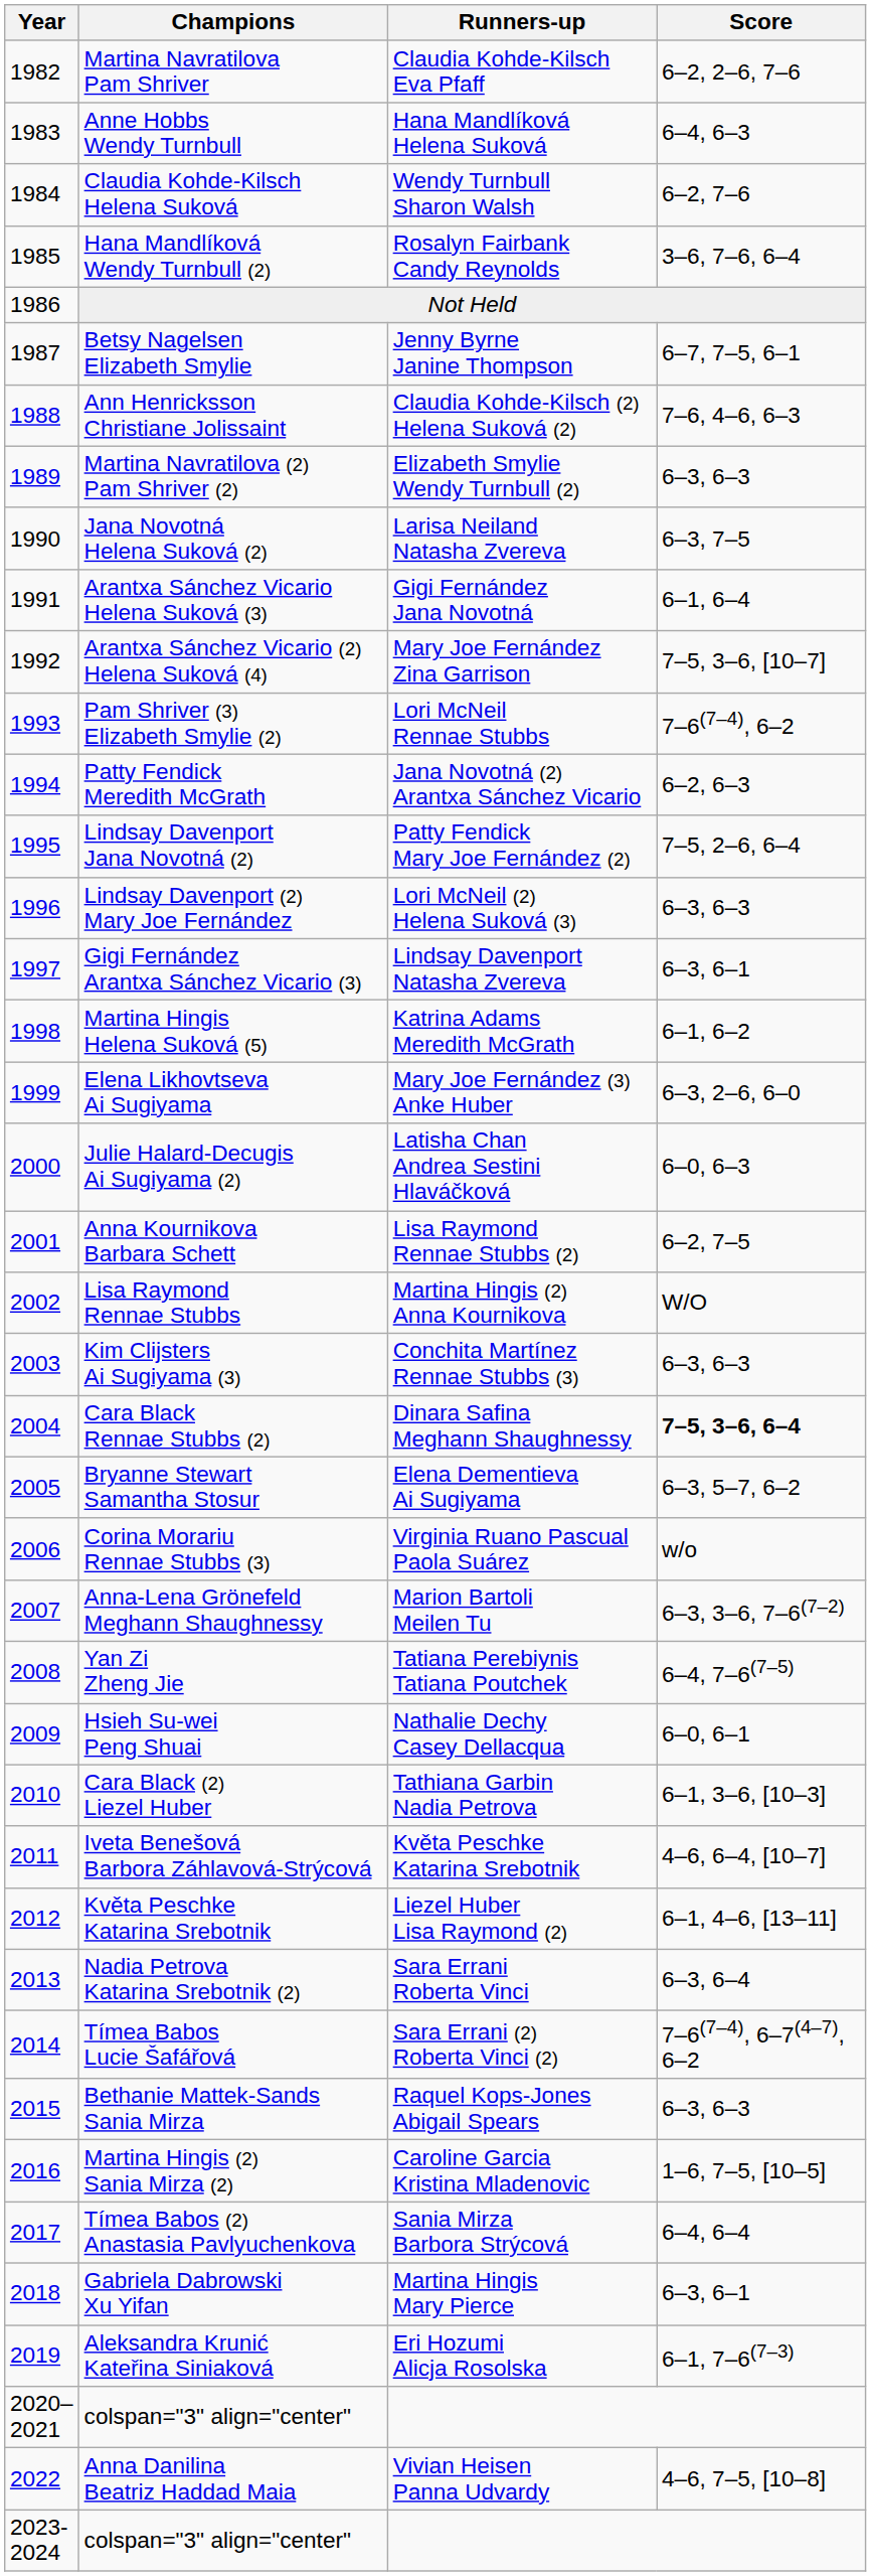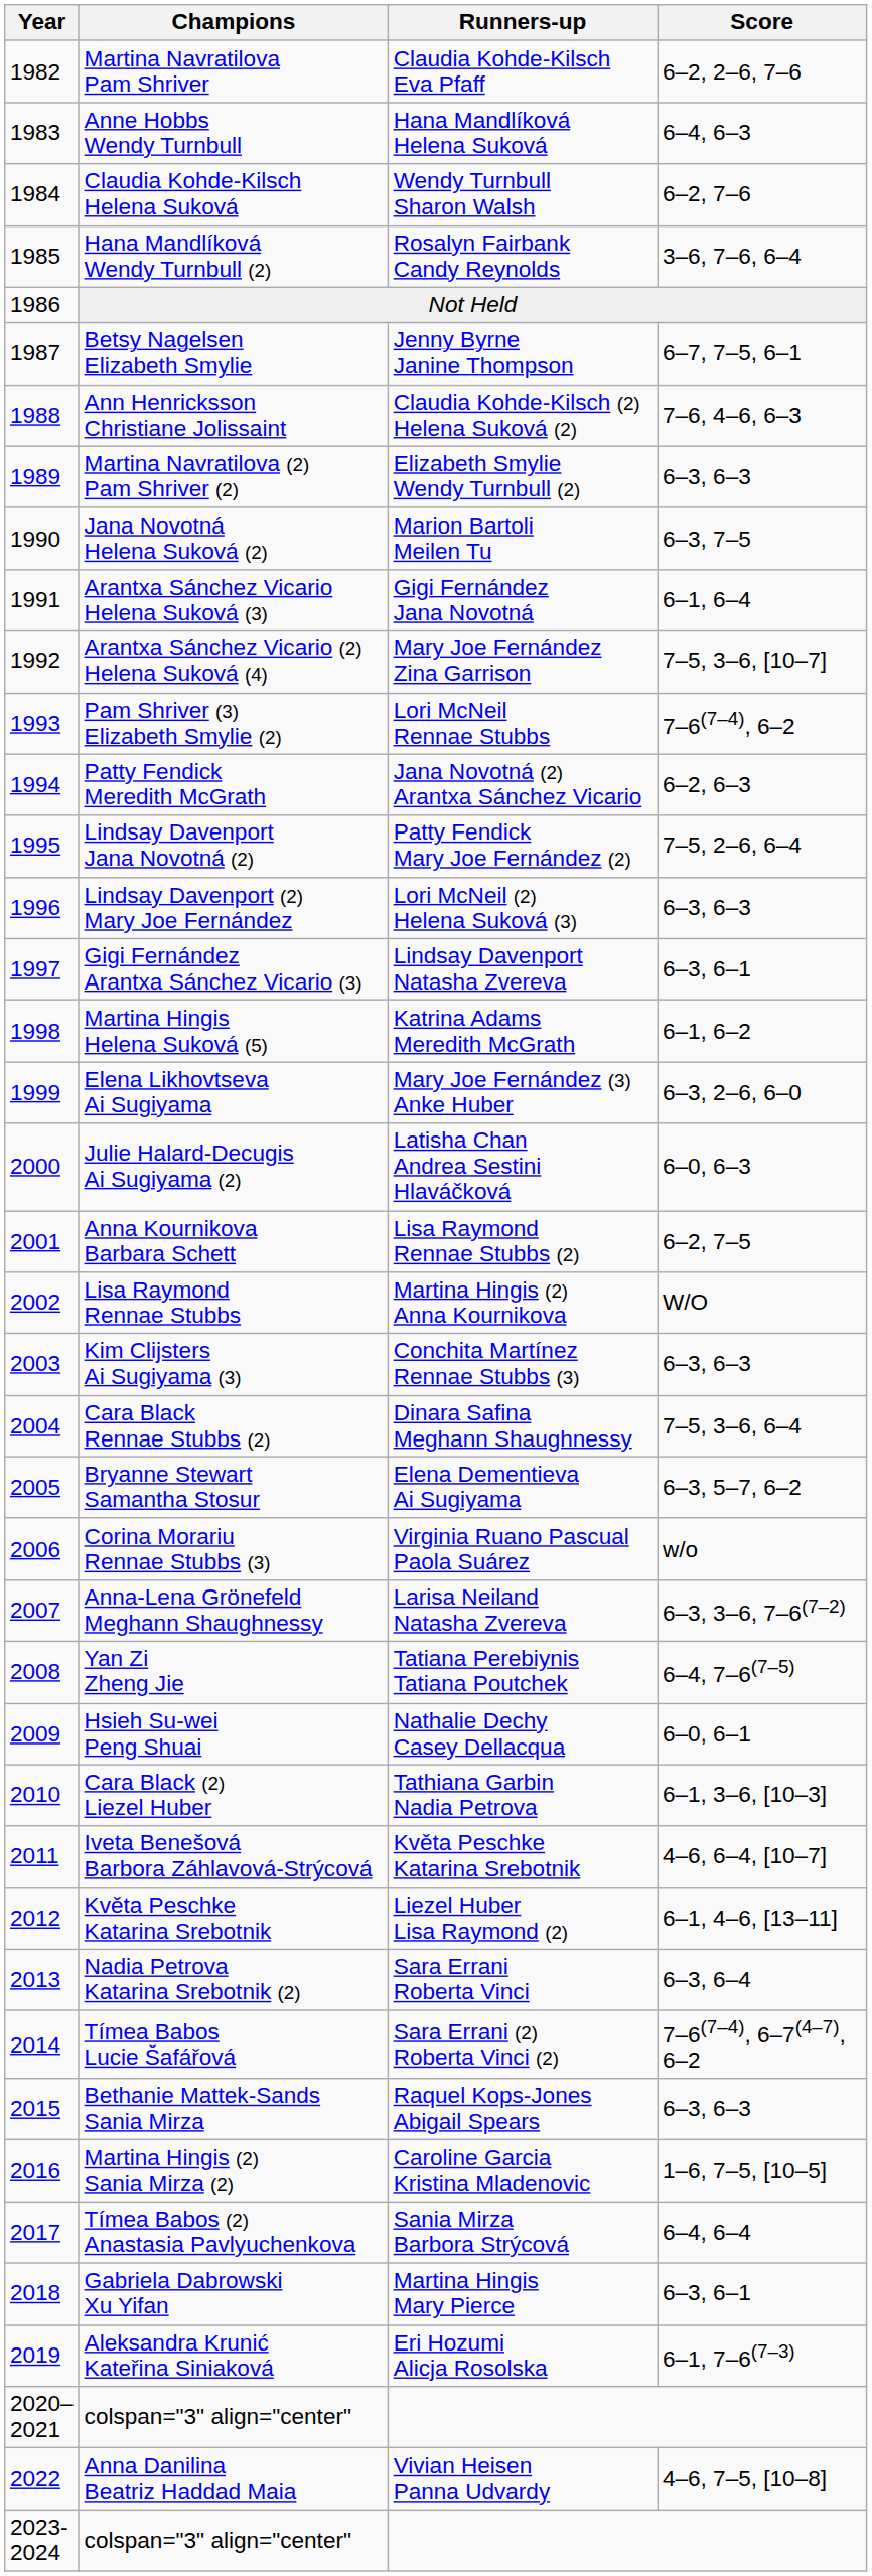 <table class="wikitable">
 <tr>
 <th style="width:45px">Year</th>
 <th style="width:230px">Champions</th>
 <th style="width:200px">Runners-up</th>
 <th style="width:160px" class="unsortable">Score</th>
 </tr>
 <tr>
 <td>1982</td>
 <td> <a href='#'>Martina Navratilova</a> <br> <a href='#'>Pam Shriver</a></td>
 <td> <a href='#'>Claudia Kohde-Kilsch</a> <br> <a href='#'>Eva Pfaff</a></td>
 <td>6–2, 2–6, 7–6</td>
 </tr>
 <tr>
 <td>1983</td>
 <td> <a href='#'>Anne Hobbs</a><br> <a href='#'>Wendy Turnbull</a></td>
 <td> <a href='#'>Hana Mandlíková</a><br> <a href='#'>Helena Suková</a></td>
 <td>6–4, 6–3</td>
 </tr>
 <tr>
 <td>1984</td>
 <td> <a href='#'>Claudia Kohde-Kilsch</a><br> <a href='#'>Helena Suková</a></td>
 <td> <a href='#'>Wendy Turnbull</a> <br> <a href='#'>Sharon Walsh</a></td>
 <td>6–2, 7–6</td>
 </tr>
 <tr>
 <td>1985</td>
 <td> <a href='#'>Hana Mandlíková</a><br> <a href='#'>Wendy Turnbull</a> <small>(2)</small></td>
 <td> <a href='#'>Rosalyn Fairbank</a><br>   <a href='#'>Candy Reynolds</a></td>
 <td>3–6, 7–6, 6–4</td>
 </tr>
 <tr>
 <td>1986</td>
 <td colspan=3 align=center style="background:#efefef"><em>Not Held</em></td>
 </tr>
 <tr>
 <td>1987</td>
 <td> <a href='#'>Betsy Nagelsen</a><br>  <a href='#'>Elizabeth Smylie</a></td>
 <td> <a href='#'>Jenny Byrne</a><br> <a href='#'>Janine Thompson</a></td>
 <td>6–7, 7–5, 6–1</td>
 </tr>
 <tr>
 <td><a href='#'>1988</a></td>
 <td> <a href='#'>Ann Henricksson</a><br> <a href='#'>Christiane Jolissaint</a></td>
 <td> <a href='#'>Claudia Kohde-Kilsch</a> <small>(2)</small> <br> <a href='#'>Helena Suková</a> <small>(2)</small></td>
 <td>7–6, 4–6, 6–3</td>
 </tr>
 <tr>
 <td><a href='#'>1989</a></td>
 <td> <a href='#'>Martina Navratilova</a> <small>(2)</small> <br> <a href='#'>Pam Shriver</a> <small>(2)</small></td>
 <td> <a href='#'>Elizabeth Smylie</a><br> <a href='#'>Wendy Turnbull</a> <small>(2)</small></td>
 <td>6–3, 6–3</td>
 </tr>
 <tr>
 <td>1990</td>
 <td> <a href='#'>Jana Novotná</a> <br> <a href='#'>Helena Suková</a> <small>(2)</small></td>
-<td> <a href='#'>Larisa Neiland</a><br> <a href='#'>Natasha Zvereva</a></td>
+<td> <a href='#'>Marion Bartoli</a><br> <a href='#'>Meilen Tu</a></td>
 <td>6–3, 7–5</td>
 </tr>
 <tr>
 <td>1991</td>
 <td> <a href='#'>Arantxa Sánchez Vicario</a> <br> <a href='#'>Helena Suková</a> <small>(3)</small></td>
 <td> <a href='#'>Gigi Fernández</a><br>  <a href='#'>Jana Novotná</a></td>
 <td>6–1, 6–4</td>
 </tr>
 <tr>
 <td>1992</td>
 <td> <a href='#'>Arantxa Sánchez Vicario</a> <small>(2)</small> <br> <a href='#'>Helena Suková</a> <small>(4)</small></td>
 <td> <a href='#'>Mary Joe Fernández</a> <br> <a href='#'>Zina Garrison</a></td>
 <td>7–5, 3–6, [10–7]</td>
 </tr>
 <tr>
 <td><a href='#'>1993</a></td>
 <td> <a href='#'>Pam Shriver</a> <small>(3)</small><br> <a href='#'>Elizabeth Smylie</a> <small>(2)</small></td>
 <td> <a href='#'>Lori McNeil</a> <br> <a href='#'>Rennae Stubbs</a></td>
 <td>7–6<sup>(7–4)</sup>, 6–2</td>
 </tr>
 <tr>
 <td><a href='#'>1994</a></td>
 <td> <a href='#'>Patty Fendick</a><br> <a href='#'>Meredith McGrath</a></td>
 <td> <a href='#'>Jana Novotná</a> <small>(2)</small> <br> <a href='#'>Arantxa Sánchez Vicario</a></td>
 <td>6–2, 6–3</td>
 </tr>
 <tr>
 <td><a href='#'>1995</a></td>
 <td> <a href='#'>Lindsay Davenport</a>  <br> <a href='#'>Jana Novotná</a> <small>(2)</small></td>
 <td> <a href='#'>Patty Fendick</a><br> <a href='#'>Mary Joe Fernández</a> <small>(2)</small></td>
 <td>7–5, 2–6, 6–4</td>
 </tr>
 <tr>
 <td><a href='#'>1996</a></td>
 <td> <a href='#'>Lindsay Davenport</a> <small>(2)</small> <br> <a href='#'>Mary Joe Fernández</a></td>
 <td> <a href='#'>Lori McNeil</a> <small>(2)</small> <br> <a href='#'>Helena Suková</a> <small>(3)</small></td>
 <td>6–3, 6–3</td>
 </tr>
 <tr>
 <td><a href='#'>1997</a></td>
 <td> <a href='#'>Gigi Fernández</a><br> <a href='#'>Arantxa Sánchez Vicario</a> <small>(3)</small></td>
 <td> <a href='#'>Lindsay Davenport</a><br> <a href='#'>Natasha Zvereva</a></td>
 <td>6–3, 6–1</td>
 </tr>
 <tr>
 <td><a href='#'>1998</a></td>
 <td> <a href='#'>Martina Hingis</a> <br> <a href='#'>Helena Suková</a> <small>(5)</small></td>
 <td> <a href='#'>Katrina Adams</a><br> <a href='#'>Meredith McGrath</a></td>
 <td>6–1, 6–2</td>
 </tr>
 <tr>
 <td><a href='#'>1999</a></td>
 <td> <a href='#'>Elena Likhovtseva</a><br> <a href='#'>Ai Sugiyama</a></td>
 <td> <a href='#'>Mary Joe Fernández</a> <small>(3)</small> <br>  <a href='#'>Anke Huber</a></td>
 <td>6–3, 2–6, 6–0</td>
 </tr>
 <tr>
 <td><a href='#'>2000</a></td>
 <td>  <a href='#'>Julie Halard-Decugis</a><br> <a href='#'>Ai Sugiyama</a> <small>(2)</small></td>
 <td> <a href='#'>Latisha Chan</a><br> <a href='#'>Andrea Sestini Hlaváčková</a></td>
 <td>6–0, 6–3</td>
 </tr>
 <tr>
 <td><a href='#'>2001</a></td>
 <td>  <a href='#'>Anna Kournikova</a> <br>  <a href='#'>Barbara Schett</a></td>
 <td> <a href='#'>Lisa Raymond</a> <br> <a href='#'>Rennae Stubbs</a> <small>(2)</small></td>
 <td>6–2, 7–5</td>
 </tr>
 <tr>
 <td><a href='#'>2002</a></td>
 <td> <a href='#'>Lisa Raymond</a><br> <a href='#'>Rennae Stubbs</a></td>
 <td> <a href='#'>Martina Hingis</a> <small>(2)</small> <br>   <a href='#'>Anna Kournikova</a></td>
 <td>W/O</td>
 </tr>
 <tr>
 <td><a href='#'>2003</a></td>
 <td>  <a href='#'>Kim Clijsters</a><br> <a href='#'>Ai Sugiyama</a> <small>(3)</small></td>
 <td>  <a href='#'>Conchita Martínez</a><br> <a href='#'>Rennae Stubbs</a> <small>(3)</small></td>
 <td>6–3, 6–3</td>
 </tr>
 <tr>
 <td><a href='#'>2004</a></td>
 <td>  <a href='#'>Cara Black</a> <br> <a href='#'>Rennae Stubbs</a> <small>(2)</small></td>
 <td>  <a href='#'>Dinara Safina</a><br>  <a href='#'>Meghann Shaughnessy</a></td>
-<td><strong>7–5, 3–6, 6–4</strong></td>
+<td>7–5, 3–6, 6–4</td>
 </tr>
 <tr>
 <td><a href='#'>2005</a></td>
 <td>  <a href='#'>Bryanne Stewart</a><br>  <a href='#'>Samantha Stosur</a></td>
 <td>  <a href='#'>Elena Dementieva</a><br> <a href='#'>Ai Sugiyama</a></td>
 <td>6–3, 5–7, 6–2</td>
 </tr>
 <tr>
 <td><a href='#'>2006</a></td>
 <td> <a href='#'>Corina Morariu</a><br> <a href='#'>Rennae Stubbs</a> <small>(3)</small></td>
 <td> <a href='#'>Virginia Ruano Pascual</a><br> <a href='#'>Paola Suárez</a></td>
 <td>w/o</td>
 </tr>
 <tr>
 <td><a href='#'>2007</a></td>
 <td> <a href='#'>Anna-Lena Grönefeld</a><br>  <a href='#'>Meghann Shaughnessy</a></td>
-<td> <a href='#'>Marion Bartoli</a><br> <a href='#'>Meilen Tu</a></td>
+<td> <a href='#'>Larisa Neiland</a><br> <a href='#'>Natasha Zvereva</a></td>
 <td>6–3, 3–6, 7–6<sup>(7–2)</sup></td>
 </tr>
 <tr>
 <td><a href='#'>2008</a></td>
 <td> <a href='#'>Yan Zi</a><br> <a href='#'>Zheng Jie</a></td>
 <td> <a href='#'>Tatiana Perebiynis</a><br> <a href='#'>Tatiana Poutchek</a></td>
 <td>6–4, 7–6<sup>(7–5)</sup></td>
 </tr>
 <tr>
 <td><a href='#'>2009</a></td>
 <td> <a href='#'>Hsieh Su-wei</a><br> <a href='#'>Peng Shuai</a></td>
 <td> <a href='#'>Nathalie Dechy</a><br> <a href='#'>Casey Dellacqua</a></td>
 <td>6–0, 6–1</td>
 </tr>
 <tr>
 <td><a href='#'>2010</a></td>
 <td> <a href='#'>Cara Black</a> <small>(2)</small> <br> <a href='#'>Liezel Huber</a></td>
 <td> <a href='#'>Tathiana Garbin</a><br> <a href='#'>Nadia Petrova</a></td>
 <td>6–1, 3–6, [10–3]</td>
 </tr>
 <tr>
 <td><a href='#'>2011</a></td>
 <td> <a href='#'>Iveta Benešová</a><br> <a href='#'>Barbora Záhlavová-Strýcová</a></td>
 <td> <a href='#'>Květa Peschke</a><br> <a href='#'>Katarina Srebotnik</a></td>
 <td>4–6, 6–4, [10–7]</td>
 </tr>
 <tr>
 <td><a href='#'>2012</a></td>
 <td> <a href='#'>Květa Peschke</a><br> <a href='#'>Katarina Srebotnik</a></td>
 <td> <a href='#'>Liezel Huber</a><br> <a href='#'>Lisa Raymond</a> <small>(2)</small></td>
 <td>6–1, 4–6, [13–11]</td>
 </tr>
 <tr>
 <td><a href='#'>2013</a></td>
 <td> <a href='#'>Nadia Petrova</a><br> <a href='#'>Katarina Srebotnik</a> <small>(2)</small></td>
 <td> <a href='#'>Sara Errani</a> <br> <a href='#'>Roberta Vinci</a></td>
 <td>6–3, 6–4</td>
 </tr>
 <tr>
 <td><a href='#'>2014</a></td>
 <td> <a href='#'>Tímea Babos</a><br> <a href='#'>Lucie Šafářová</a></td>
 <td> <a href='#'>Sara Errani</a> <small>(2)</small> <br> <a href='#'>Roberta Vinci</a> <small>(2)</small></td>
 <td>7–6<sup>(7–4)</sup>, 6–7<sup>(4–7)</sup>, 6–2</td>
 </tr>
 <tr>
 <td><a href='#'>2015</a></td>
 <td> <a href='#'>Bethanie Mattek-Sands</a><br> <a href='#'>Sania Mirza</a></td>
 <td> <a href='#'>Raquel Kops-Jones</a><br> <a href='#'>Abigail Spears</a></td>
 <td>6–3, 6–3</td>
 </tr>
 <tr>
 <td><a href='#'>2016</a></td>
 <td> <a href='#'>Martina Hingis</a> <small>(2)</small> <br> <a href='#'>Sania Mirza</a> <small>(2)</small></td>
 <td> <a href='#'>Caroline Garcia</a><br> <a href='#'>Kristina Mladenovic</a></td>
 <td>1–6, 7–5, [10–5]</td>
 </tr>
 <tr>
 <td><a href='#'>2017</a></td>
 <td> <a href='#'>Tímea Babos</a> <small>(2)</small> <br> <a href='#'>Anastasia Pavlyuchenkova</a></td>
 <td> <a href='#'>Sania Mirza</a><br> <a href='#'>Barbora Strýcová</a></td>
 <td>6–4, 6–4</td>
 </tr>
 <tr>
 <td><a href='#'>2018</a></td>
 <td> <a href='#'>Gabriela Dabrowski</a> <br> <a href='#'>Xu Yifan</a></td>
 <td> <a href='#'>Martina Hingis</a> <br> <a href='#'>Mary Pierce</a></td>
 <td>6–3, 6–1</td>
 </tr>
 <tr>
 <td><a href='#'>2019</a></td>
 <td> <a href='#'>Aleksandra Krunić</a> <br> <a href='#'>Kateřina Siniaková</a></td>
 <td> <a href='#'>Eri Hozumi</a><br> <a href='#'>Alicja Rosolska</a></td>
 <td>6–1, 7–6<sup>(7–3)</sup></td>
 </tr>
 <tr>
 <td>2020–2021</td>
 <td>colspan="3" align="center" </td>
 </tr>
 <tr>
 <td><a href='#'>2022</a></td>
 <td> <a href='#'>Anna Danilina</a> <br> <a href='#'>Beatriz Haddad Maia</a></td>
 <td> <a href='#'>Vivian Heisen</a> <br> <a href='#'>Panna Udvardy</a></td>
 <td>4–6, 7–5, [10–8]</td>
 </tr>
 <tr>
 <td>2023-2024</td>
 <td>colspan="3" align="center" </td>
 </tr>
 </table>
